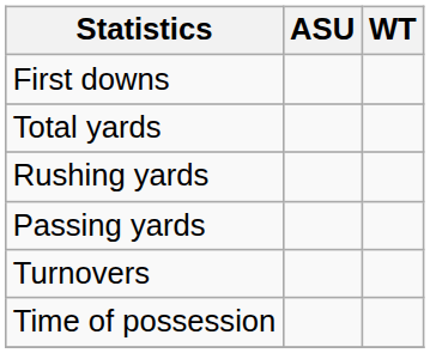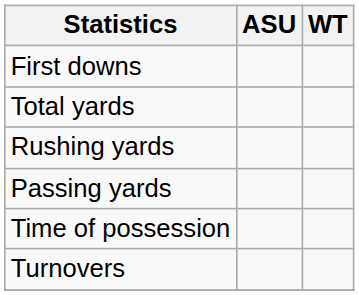 <table class="wikitable" style="float: left;">
 <tr>
 <th>Statistics</th>
 <th>ASU</th>
 <th>WT</th>
 </tr>
 <tr>
 <td>First downs</td>
 <td></td>
 <td></td>
 </tr>
 <tr>
 <td>Total yards</td>
 <td></td>
 <td></td>
 </tr>
 <tr>
 <td>Rushing yards</td>
 <td></td>
 <td></td>
 </tr>
 <tr>
 <td>Passing yards</td>
 <td></td>
 <td></td>
 </tr>
 <tr>
-<td>Turnovers</td>
+<td>Time of possession</td>
 <td></td>
 <td></td>
 </tr>
 <tr>
-<td>Time of possession</td>
+<td>Turnovers</td>
 <td></td>
 <td></td>
 </tr>
 <tr>
 </tr>
 </table>
